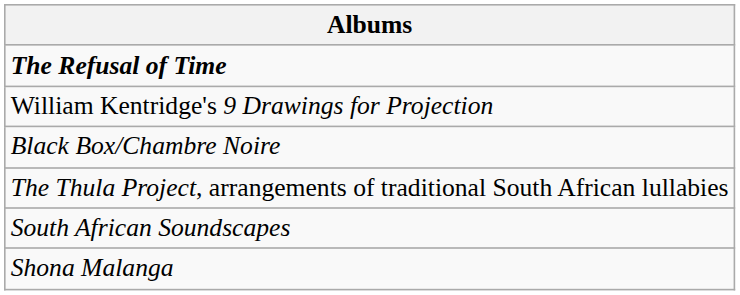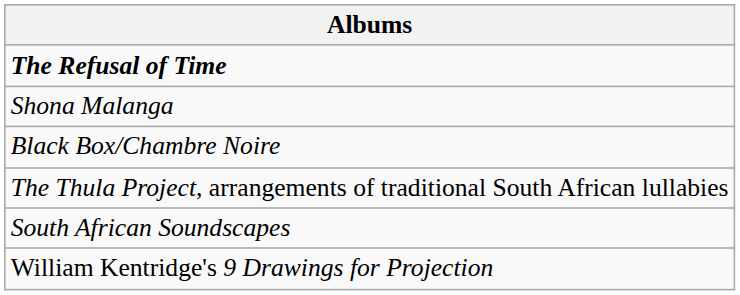 <table class="wikitable">
 <tr>
 <th>Albums</th>
 </tr>
 <tr>
 <td><strong><em>The Refusal of Time</em></strong></td>
 </tr>
 <tr>
-<td>William Kentridge's <em>9 Drawings for Projection</em></td>
+<td><em>Shona Malanga</em></td>
 </tr>
 <tr>
 <td><em>Black Box/Chambre Noire</em></td>
 </tr>
 <tr>
 <td><em>The Thula Project</em>, arrangements of traditional South African lullabies</td>
 </tr>
 <tr>
 <td><em>South African Soundscapes</em></td>
 </tr>
 <tr>
-<td><em>Shona Malanga</em></td>
+<td>William Kentridge's <em>9 Drawings for Projection</em></td>
 </tr>
 </table>
